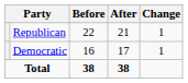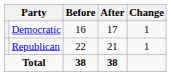 <table class="wikitable" style="text-align:center;">
 <tr>
 <th colspan="2">Party</th>
 <th>Before</th>
 <th>After</th>
 <th>Change</th>
 </tr>
 <tr>
 <th style="background-color:"></th>
-<td style="text-align:left;"><a href='#'>Republican</a></td>
-<td>22</td>
-<td>21</td>
+<td style="text-align:left;"><a href='#'>Democratic</a></td>
+<td>16</td>
+<td>17</td>
 <td> 1</td>
 </tr>
 <tr>
 <th style="background-color:"></th>
-<td style="text-align:left;"><a href='#'>Democratic</a></td>
-<td>16</td>
-<td>17</td>
+<td style="text-align:left;"><a href='#'>Republican</a></td>
+<td>22</td>
+<td>21</td>
 <td> 1</td>
 </tr>
 <tr>
 <td colspan="2"><strong>Total</strong></td>
 <td><strong>38</strong></td>
 <td><strong>38</strong></td>
 <td></td>
 </tr>
 </table>
